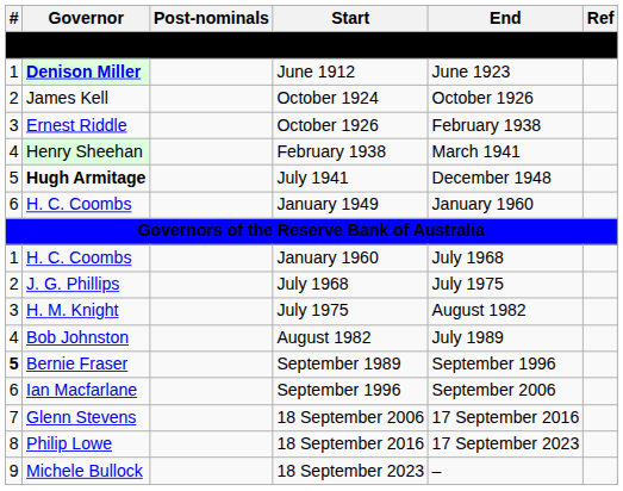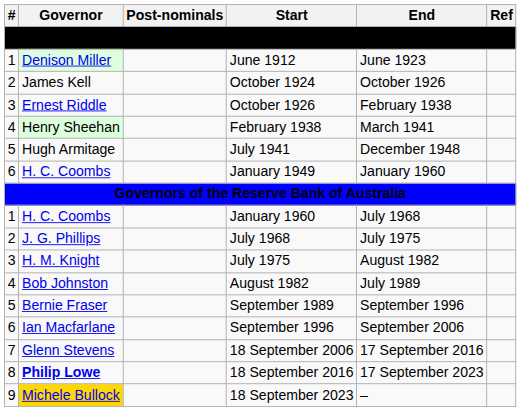 <table class="wikitable">
 <tr>
 <th>#</th>
 <th>Governor</th>
 <th>Post-nominals</th>
 <th>Start</th>
 <th>End</th>
 <th>Ref</th>
 </tr>
 <tr>
 <td colspan="18" style="text-align:center; background:#000;"><strong><span>Governors of the Commonwealth Bank of Australia</span></strong></td>
 </tr>
 <tr>
 <td>1</td>
-<td style="background:#dfd;"><strong><a href='#'>Denison Miller</a></strong></td>
+<td style="background:#dfd;"><a href='#'>Denison Miller</a></td>
 <td></td>
 <td>June 1912</td>
 <td>June 1923</td>
 <td style="text-align:center;"></td>
 </tr>
 <tr>
 <td>2</td>
 <td>James Kell</td>
 <td></td>
 <td>October 1924</td>
 <td>October 1926</td>
 <td style="text-align:center;"></td>
 </tr>
 <tr>
 <td>3</td>
 <td><a href='#'>Ernest Riddle</a></td>
 <td></td>
 <td>October 1926</td>
 <td>February 1938</td>
 <td style="text-align:center;"></td>
 </tr>
 <tr>
 <td>4</td>
 <td style="background:#dfd;">Henry Sheehan</td>
 <td></td>
 <td>February 1938</td>
 <td>March 1941</td>
 <td style="text-align:center;"></td>
 </tr>
 <tr>
 <td>5</td>
-<td><strong>Hugh Armitage</strong></td>
+<td>Hugh Armitage</td>
 <td></td>
 <td>July 1941</td>
 <td>December 1948</td>
 <td style="text-align:center;"></td>
 </tr>
 <tr>
 <td>6</td>
 <td><a href='#'>H. C. Coombs</a></td>
 <td></td>
 <td>January 1949</td>
 <td>January 1960</td>
 <td style="text-align:center;"></td>
 </tr>
 <tr>
 <td colspan="18" style="text-align:center; background:	#00f;"><strong><span>Governors of the Reserve Bank of Australia</span></strong></td>
 </tr>
 <tr>
 <td>1</td>
 <td><a href='#'>H. C. Coombs</a></td>
 <td></td>
 <td>January 1960</td>
 <td>July 1968</td>
 <td style="text-align:center;"></td>
 </tr>
 <tr>
 <td>2</td>
 <td><a href='#'>J. G. Phillips</a></td>
 <td></td>
 <td>July 1968</td>
 <td>July 1975</td>
 <td style="text-align:center;"></td>
 </tr>
 <tr>
 <td>3</td>
 <td><a href='#'>H. M. Knight</a></td>
 <td></td>
 <td>July 1975</td>
 <td>August 1982</td>
 <td style="text-align:center;"></td>
 </tr>
 <tr>
 <td>4</td>
 <td><a href='#'>Bob Johnston</a></td>
 <td></td>
 <td>August 1982</td>
 <td>July 1989</td>
 <td style="text-align:center;"></td>
 </tr>
 <tr>
-<td><strong>5</strong></td>
+<td>5</td>
 <td><a href='#'>Bernie Fraser</a></td>
 <td></td>
 <td>September 1989</td>
 <td>September 1996</td>
 <td style="text-align:center;"></td>
 </tr>
 <tr>
 <td>6</td>
 <td><a href='#'>Ian Macfarlane</a></td>
 <td></td>
 <td>September 1996</td>
 <td>September 2006</td>
 <td style="text-align:center;"></td>
 </tr>
 <tr>
 <td>7</td>
 <td><a href='#'>Glenn Stevens</a></td>
 <td></td>
 <td>18 September 2006</td>
 <td>17 September 2016</td>
 <td style="text-align:center;"></td>
 </tr>
 <tr>
 <td>8</td>
-<td><a href='#'>Philip Lowe</a></td>
+<td><strong><a href='#'>Philip Lowe</a></strong></td>
 <td></td>
 <td>18 September 2016</td>
 <td>17 September 2023</td>
 <td style="text-align:center;"></td>
 </tr>
 <tr>
 <td>9</td>
-<td><a href='#'>Michele Bullock</a></td>
+<td style="background: gold;"><a href='#'>Michele Bullock</a></td>
 <td></td>
 <td>18 September 2023</td>
 <td>–</td>
 <td style="text-align:center;"></td>
 </tr>
 </table>
